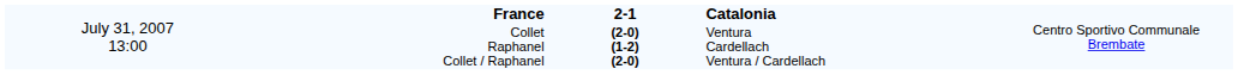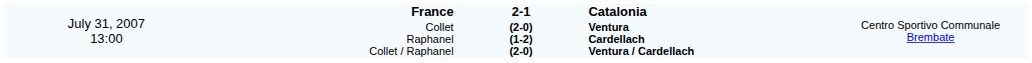 <table style="width: 100%; background:#F5FAFF;" cellspacing="0">
 <tr>
 <td align=center rowspan=3 width=20%>July 31, 2007<br>13:00</td>
 </tr>
 <tr>
 <td width=24% align=right><strong>France</strong></td>
 <td align=center width=13%><strong>2-1</strong></td>
 <td width=24%><strong>Catalonia</strong></td>
 <td style=font-size:85% rowspan=3 valign=middle align=center>Centro Sportivo Communale<br><a href='#'>Brembate</a></td>
 </tr>
 <tr style=font-size:85%>
 <td align=right valign=top>Collet<br>Raphanel<br>Collet / Raphanel</td>
 <td align=center><strong>(2-0)<br>(1-2)<br>(2-0)</strong></td>
-<td>Ventura<br>Cardellach<br>Ventura / Cardellach</td>
+<td><strong>Ventura<br>Cardellach<br>Ventura / Cardellach</strong></td>
 </tr>
 </table>
